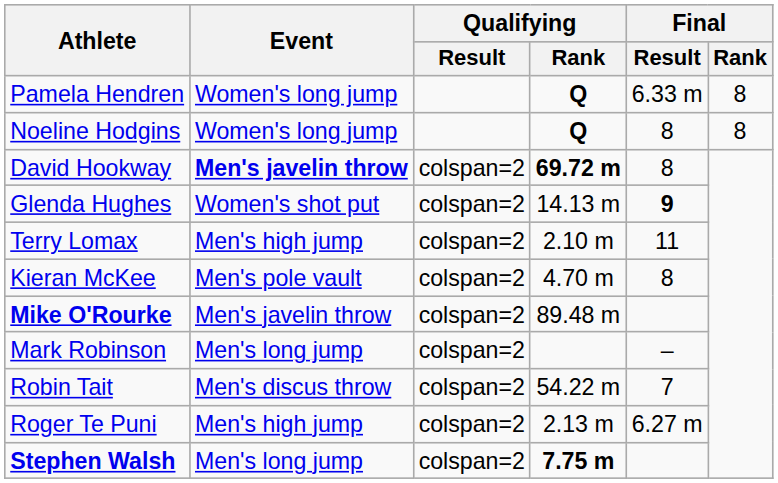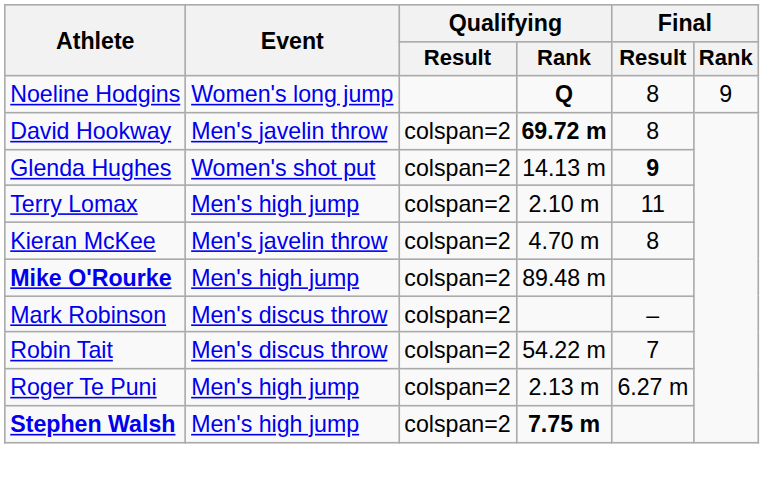 <table class=wikitable style=font-size:90%>
 <tr>
 <th rowspan=2>Athlete</th>
 <th rowspan=2>Event</th>
 <th colspan=2>Qualifying</th>
 <th colspan=2>Final</th>
 </tr>
 <tr style=font-size:95%>
 <th>Result</th>
 <th>Rank</th>
 <th>Result</th>
 <th>Rank</th>
 </tr>
 <tr align=center>
-<td align=left><a href='#'>Pamela Hendren</a></td>
-<td align=left><a href='#'>Women's long jump</a></td>
-<td></td>
-<td><strong>Q</strong></td>
-<td>6.33 m</td>
-<td>8</td>
-</tr>
-<tr align=center>
 <td align=left><a href='#'>Noeline Hodgins</a></td>
 <td align=left><a href='#'>Women's long jump</a></td>
 <td></td>
 <td><strong>Q</strong></td>
 <td>8</td>
-<td>8</td>
+<td>9</td>
 </tr>
 <tr align=center>
 <td align=left><a href='#'>David Hookway</a></td>
-<td align=left><strong><a href='#'>Men's javelin throw</a></strong></td>
+<td align=left><a href='#'>Men's javelin throw</a></td>
 <td>colspan=2 </td>
 <td><strong>69.72 m</strong></td>
 <td>8</td>
 </tr>
 <tr align=center>
 <td align=left><a href='#'>Glenda Hughes</a></td>
 <td align=left><a href='#'>Women's shot put</a></td>
 <td>colspan=2 </td>
 <td>14.13 m</td>
 <td><strong>9</strong></td>
 </tr>
 <tr align=center>
 <td align=left><a href='#'>Terry Lomax</a></td>
 <td align=left><a href='#'>Men's high jump</a></td>
 <td>colspan=2 </td>
 <td>2.10 m</td>
 <td>11</td>
 </tr>
 <tr align=center>
 <td align=left><a href='#'>Kieran McKee</a></td>
-<td align=left><a href='#'>Men's pole vault</a></td>
+<td align=left><a href='#'>Men's javelin throw</a></td>
 <td>colspan=2 </td>
 <td>4.70 m</td>
 <td>8</td>
 </tr>
 <tr align=center>
 <td align=left><strong><a href='#'>Mike O'Rourke</a></strong></td>
-<td align=left><a href='#'>Men's javelin throw</a></td>
+<td align=left><a href='#'>Men's high jump</a></td>
 <td>colspan=2 </td>
 <td>89.48 m </td>
 <td></td>
 </tr>
 <tr align=center>
 <td align=left><a href='#'>Mark Robinson</a></td>
-<td align=left><a href='#'>Men's long jump</a></td>
+<td align=left><a href='#'>Men's discus throw</a></td>
 <td>colspan=2 </td>
 <td></td>
 <td>–</td>
 </tr>
 <tr align=center>
 <td align=left><a href='#'>Robin Tait</a></td>
 <td align=left><a href='#'>Men's discus throw</a></td>
 <td>colspan=2 </td>
 <td>54.22 m</td>
 <td>7</td>
 </tr>
 <tr align=center>
 <td align=left><a href='#'>Roger Te Puni</a></td>
 <td align=left><a href='#'>Men's high jump</a></td>
 <td>colspan=2 </td>
 <td>2.13 m</td>
 <td>6.27 m</td>
 </tr>
 <tr align=center>
 <td align=left><strong><a href='#'>Stephen Walsh</a></strong></td>
-<td align=left><a href='#'>Men's long jump</a></td>
+<td align=left><a href='#'>Men's high jump</a></td>
 <td>colspan=2 </td>
 <td><strong>7.75 m</strong></td>
 <td></td>
 </tr>
 </table>
